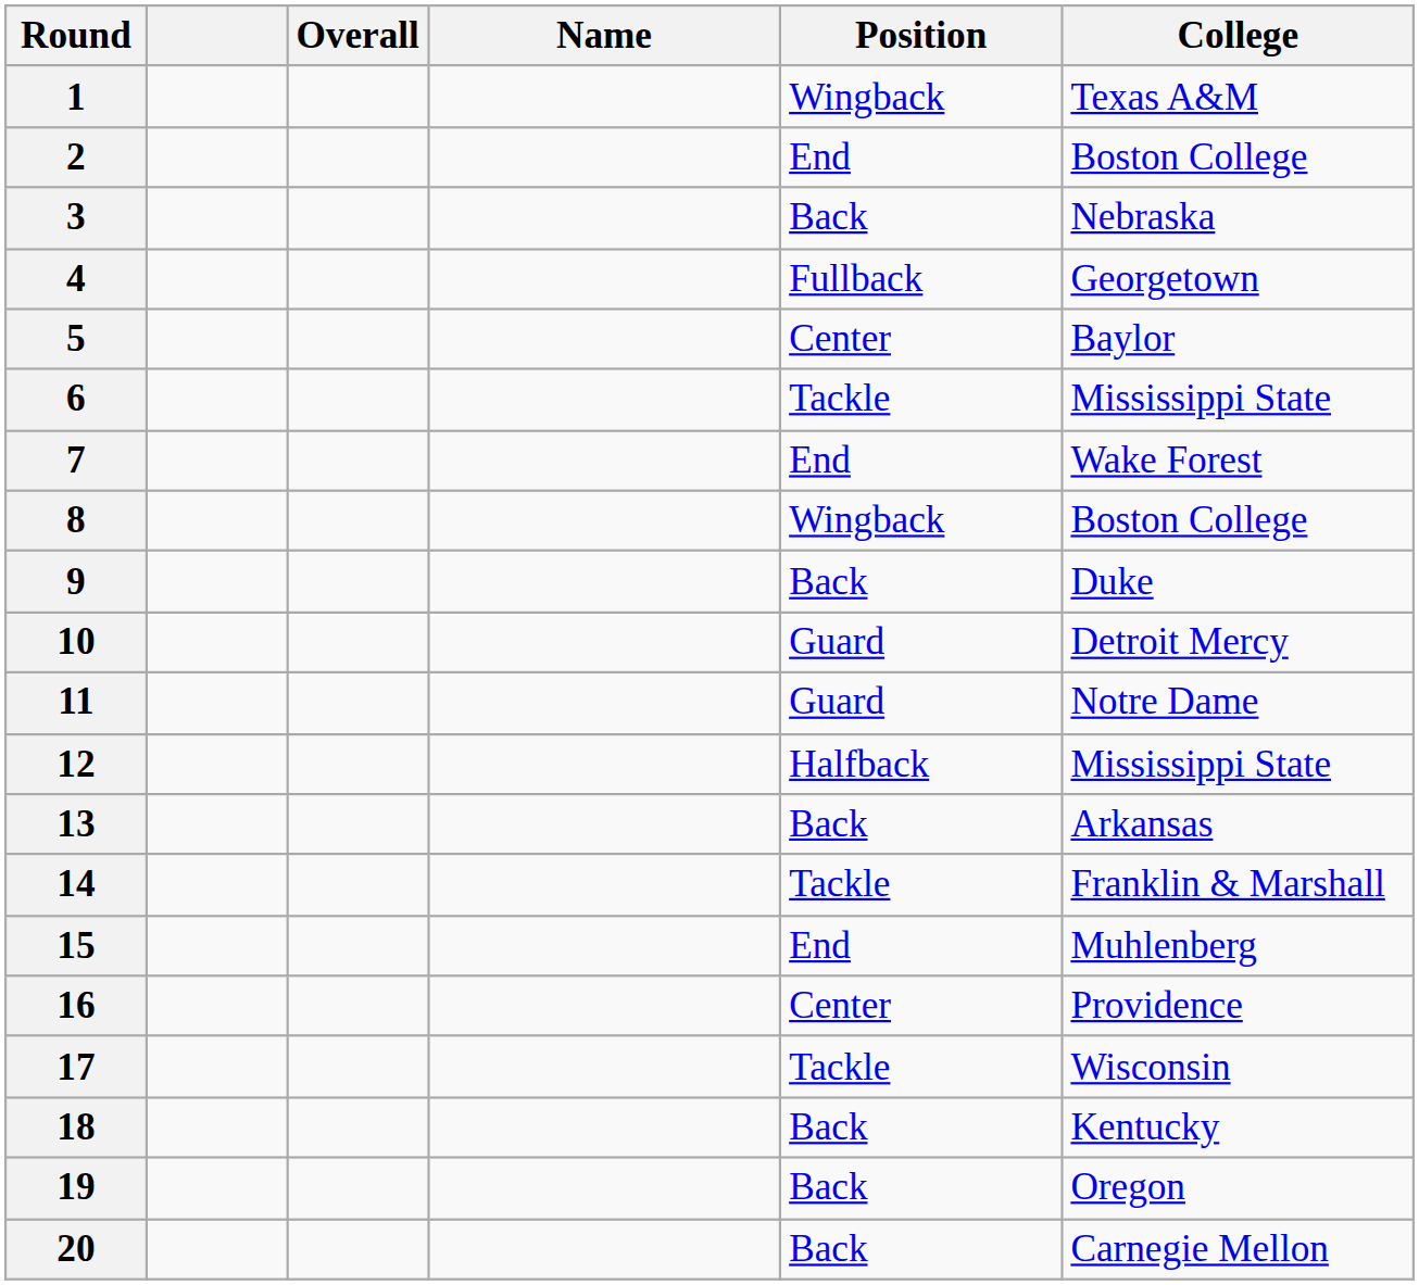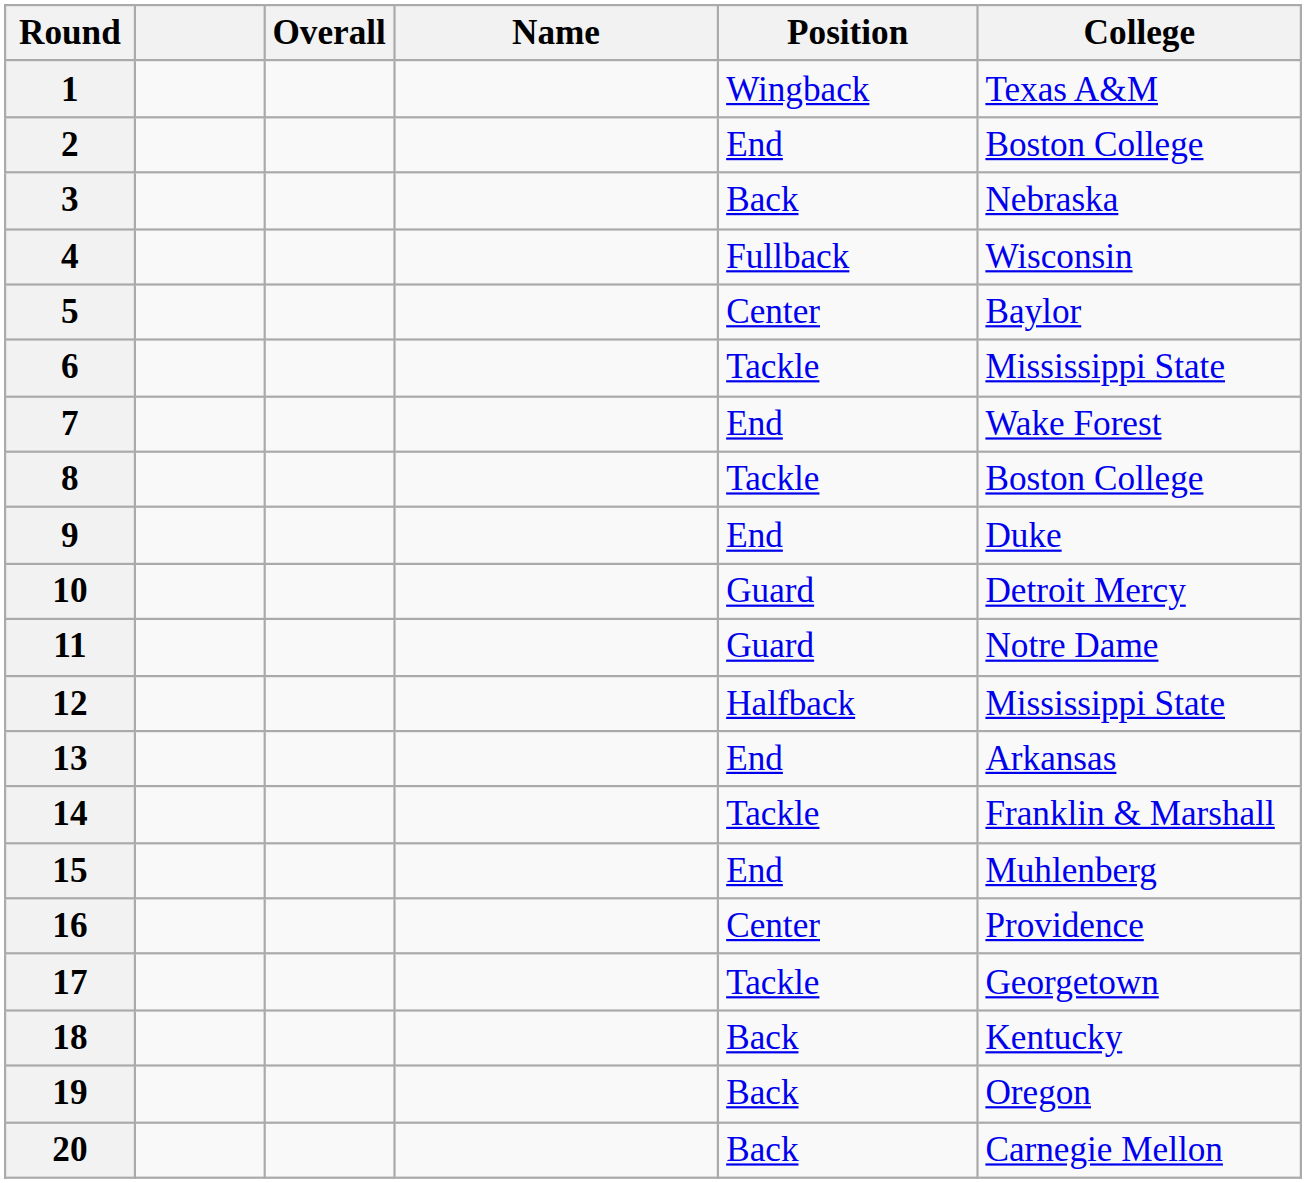 <table class="wikitable sortable">
 <tr>
 <th scope="col" style="width: 10%;">Round</th>
 <th scope="col" style="width: 10%;"></th>
 <th scope="col" style="width: 10%;">Overall</th>
 <th scope="col" style="width: 25%;">Name</th>
 <th scope="col" style="width: 20%;">Position</th>
 <th scope="col" style="width: 25%;">College</th>
 </tr>
 <tr>
 <th scope="row">1</th>
 <td></td>
 <td></td>
 <td></td>
 <td><a href='#'>Wingback</a></td>
 <td><a href='#'>Texas A&M</a></td>
 </tr>
 <tr>
 <th scope="row">2</th>
 <td></td>
 <td></td>
 <td></td>
 <td><a href='#'>End</a></td>
 <td><a href='#'>Boston College</a></td>
 </tr>
 <tr>
 <th scope="row">3</th>
 <td></td>
 <td></td>
 <td></td>
 <td><a href='#'>Back</a></td>
 <td><a href='#'>Nebraska</a></td>
 </tr>
 <tr>
 <th scope="row">4</th>
 <td></td>
 <td></td>
 <td></td>
 <td><a href='#'>Fullback</a></td>
-<td><a href='#'>Georgetown</a></td>
+<td><a href='#'>Wisconsin</a></td>
 </tr>
 <tr>
 <th scope="row">5</th>
 <td></td>
 <td></td>
 <td></td>
 <td><a href='#'>Center</a></td>
 <td><a href='#'>Baylor</a></td>
 </tr>
 <tr>
 <th scope="row">6</th>
 <td></td>
 <td></td>
 <td></td>
 <td><a href='#'>Tackle</a></td>
 <td><a href='#'>Mississippi State</a></td>
 </tr>
 <tr>
 <th scope="row">7</th>
 <td></td>
 <td></td>
 <td></td>
 <td><a href='#'>End</a></td>
 <td><a href='#'>Wake Forest</a></td>
 </tr>
 <tr>
 <th scope="row">8</th>
 <td></td>
 <td></td>
 <td></td>
-<td><a href='#'>Wingback</a></td>
+<td><a href='#'>Tackle</a></td>
 <td><a href='#'>Boston College</a></td>
 </tr>
 <tr>
 <th scope="row">9</th>
 <td></td>
 <td></td>
 <td></td>
-<td><a href='#'>Back</a></td>
+<td><a href='#'>End</a></td>
 <td><a href='#'>Duke</a></td>
 </tr>
 <tr>
 <th scope="row">10</th>
 <td></td>
 <td></td>
 <td></td>
 <td><a href='#'>Guard</a></td>
 <td><a href='#'>Detroit Mercy</a></td>
 </tr>
 <tr>
 <th scope="row">11</th>
 <td></td>
 <td></td>
 <td></td>
 <td><a href='#'>Guard</a></td>
 <td><a href='#'>Notre Dame</a></td>
 </tr>
 <tr>
 <th scope="row">12</th>
 <td></td>
 <td></td>
 <td></td>
 <td><a href='#'>Halfback</a></td>
 <td><a href='#'>Mississippi State</a></td>
 </tr>
 <tr>
 <th scope="row">13</th>
 <td></td>
 <td></td>
 <td></td>
-<td><a href='#'>Back</a></td>
+<td><a href='#'>End</a></td>
 <td><a href='#'>Arkansas</a></td>
 </tr>
 <tr>
 <th scope="row">14</th>
 <td></td>
 <td></td>
 <td></td>
 <td><a href='#'>Tackle</a></td>
 <td><a href='#'>Franklin & Marshall</a></td>
 </tr>
 <tr>
 <th scope="row">15</th>
 <td></td>
 <td></td>
 <td></td>
 <td><a href='#'>End</a></td>
 <td><a href='#'>Muhlenberg</a></td>
 </tr>
 <tr>
 <th scope="row">16</th>
 <td></td>
 <td></td>
 <td></td>
 <td><a href='#'>Center</a></td>
 <td><a href='#'>Providence</a></td>
 </tr>
 <tr>
 <th scope="row">17</th>
 <td></td>
 <td></td>
 <td></td>
 <td><a href='#'>Tackle</a></td>
-<td><a href='#'>Wisconsin</a></td>
+<td><a href='#'>Georgetown</a></td>
 </tr>
 <tr>
 <th scope="row">18</th>
 <td></td>
 <td></td>
 <td></td>
 <td><a href='#'>Back</a></td>
 <td><a href='#'>Kentucky</a></td>
 </tr>
 <tr>
 <th scope="row">19</th>
 <td></td>
 <td></td>
 <td></td>
 <td><a href='#'>Back</a></td>
 <td><a href='#'>Oregon</a></td>
 </tr>
 <tr>
 <th scope="row">20</th>
 <td></td>
 <td></td>
 <td></td>
 <td><a href='#'>Back</a></td>
 <td><a href='#'>Carnegie Mellon</a></td>
 </tr>
 </table>
